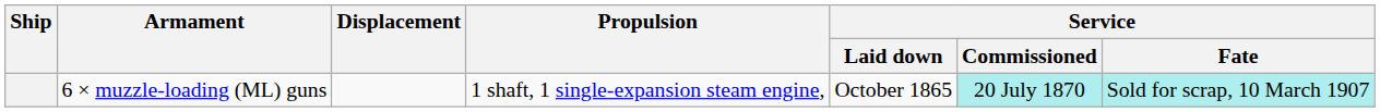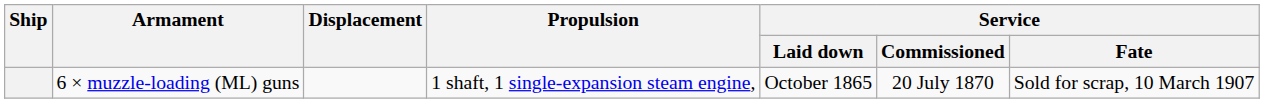 <table class="wikitable plainrowheaders" style="text-align: center;">
 <tr valign="top">
 <th scope="col" rowspan="2">Ship</th>
 <th scope="col" rowspan="2">Armament</th>
 <th scope="col" rowspan="2">Displacement</th>
 <th scope="col" rowspan="2">Propulsion</th>
 <th scope="col" colspan="3">Service</th>
 </tr>
 <tr valign="top">
 <th scope="col">Laid down</th>
 <th scope="col">Commissioned</th>
 <th scope="col">Fate</th>
 </tr>
 <tr valign="center">
 <th scope="row"></th>
 <td>6 ×  <a href='#'>muzzle-loading</a> (ML) guns</td>
 <td></td>
 <td>1 shaft, 1 <a href='#'>single-expansion steam engine</a>, </td>
 <td>October 1865</td>
-<td style="background: paleturquoise;">20 July 1870</td>
-<td style="background: paleturquoise;">Sold for scrap, 10 March 1907</td>
+<td>20 July 1870</td>
+<td>Sold for scrap, 10 March 1907</td>
 </tr>
 </table>
